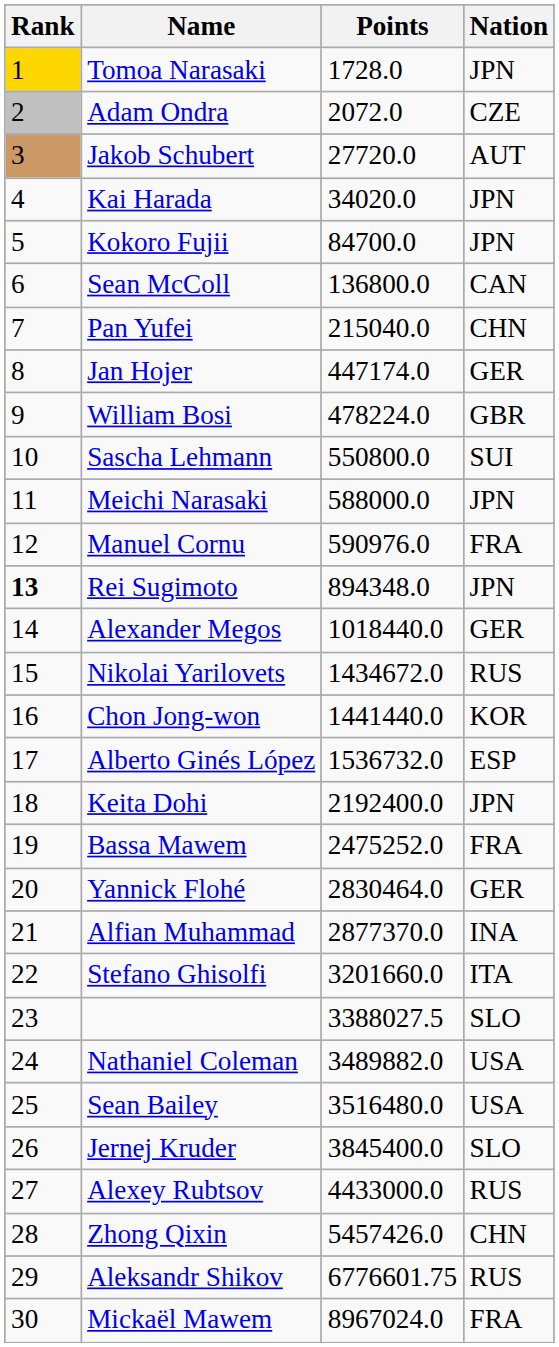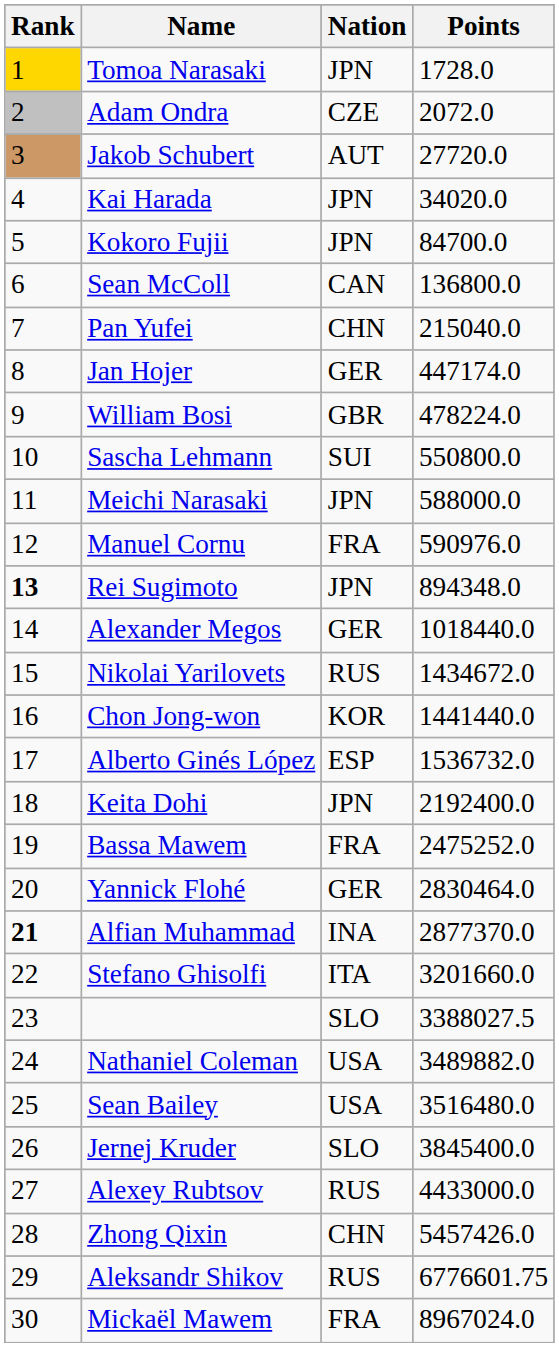 <table class="wikitable">
 <tr>
 <th>Rank</th>
 <th>Name</th>
+<th>Nation</th>
 <th>Points</th>
-<th>Nation</th>
 </tr>
 <tr>
 <td style="background: gold">1</td>
 <td> <a href='#'>Tomoa Narasaki</a></td>
+<td>JPN</td>
 <td>1728.0</td>
-<td>JPN</td>
 </tr>
 <tr>
 <td style="background: silver">2</td>
 <td> <a href='#'>Adam Ondra</a></td>
+<td>CZE</td>
 <td>2072.0</td>
-<td>CZE</td>
 </tr>
 <tr>
 <td style="background: #cc9966">3</td>
 <td> <a href='#'>Jakob Schubert</a></td>
+<td>AUT</td>
 <td>27720.0</td>
-<td>AUT</td>
 </tr>
 <tr>
 <td>4</td>
 <td> <a href='#'>Kai Harada</a></td>
+<td>JPN</td>
 <td>34020.0</td>
-<td>JPN</td>
 </tr>
 <tr>
 <td>5</td>
 <td> <a href='#'>Kokoro Fujii</a></td>
+<td>JPN</td>
 <td>84700.0</td>
-<td>JPN</td>
 </tr>
 <tr>
 <td>6</td>
 <td> <a href='#'>Sean McColl</a></td>
+<td>CAN</td>
 <td>136800.0</td>
-<td>CAN</td>
 </tr>
 <tr>
 <td>7</td>
 <td> <a href='#'>Pan Yufei</a></td>
+<td>CHN</td>
 <td>215040.0</td>
-<td>CHN</td>
 </tr>
 <tr>
 <td>8</td>
 <td> <a href='#'>Jan Hojer</a></td>
+<td>GER</td>
 <td>447174.0</td>
-<td>GER</td>
 </tr>
 <tr>
 <td>9</td>
 <td> <a href='#'>William Bosi</a></td>
+<td>GBR</td>
 <td>478224.0</td>
-<td>GBR</td>
 </tr>
 <tr>
 <td>10</td>
 <td> <a href='#'>Sascha Lehmann</a></td>
+<td>SUI</td>
 <td>550800.0</td>
-<td>SUI</td>
 </tr>
 <tr>
 <td>11</td>
 <td> <a href='#'>Meichi Narasaki</a></td>
+<td>JPN</td>
 <td>588000.0</td>
-<td>JPN</td>
 </tr>
 <tr>
 <td>12</td>
 <td> <a href='#'>Manuel Cornu</a></td>
+<td>FRA</td>
 <td>590976.0</td>
-<td>FRA</td>
 </tr>
 <tr>
 <td><strong>13</strong></td>
 <td> <a href='#'>Rei Sugimoto</a></td>
+<td>JPN</td>
 <td>894348.0</td>
-<td>JPN</td>
 </tr>
 <tr>
 <td>14</td>
 <td> <a href='#'>Alexander Megos</a></td>
+<td>GER</td>
 <td>1018440.0</td>
-<td>GER</td>
 </tr>
 <tr>
 <td>15</td>
 <td> <a href='#'>Nikolai Yarilovets</a></td>
+<td>RUS</td>
 <td>1434672.0</td>
-<td>RUS</td>
 </tr>
 <tr>
 <td>16</td>
 <td> <a href='#'>Chon Jong-won</a></td>
+<td>KOR</td>
 <td>1441440.0</td>
-<td>KOR</td>
 </tr>
 <tr>
 <td>17</td>
 <td> <a href='#'>Alberto Ginés López</a></td>
+<td>ESP</td>
 <td>1536732.0</td>
-<td>ESP</td>
 </tr>
 <tr>
 <td>18</td>
 <td> <a href='#'>Keita Dohi</a></td>
+<td>JPN</td>
 <td>2192400.0</td>
-<td>JPN</td>
 </tr>
 <tr>
 <td>19</td>
 <td> <a href='#'>Bassa Mawem</a></td>
+<td>FRA</td>
 <td>2475252.0</td>
-<td>FRA</td>
 </tr>
 <tr>
 <td>20</td>
 <td> <a href='#'>Yannick Flohé</a></td>
+<td>GER</td>
 <td>2830464.0</td>
-<td>GER</td>
 </tr>
 <tr>
-<td>21</td>
+<td><strong>21</strong></td>
 <td> <a href='#'>Alfian Muhammad</a></td>
+<td>INA</td>
 <td>2877370.0</td>
-<td>INA</td>
 </tr>
 <tr>
 <td>22</td>
 <td> <a href='#'>Stefano Ghisolfi</a></td>
+<td>ITA</td>
 <td>3201660.0</td>
-<td>ITA</td>
 </tr>
 <tr>
 <td>23</td>
 <td> </td>
+<td>SLO</td>
 <td>3388027.5</td>
-<td>SLO</td>
 </tr>
 <tr>
 <td>24</td>
 <td> <a href='#'>Nathaniel Coleman</a></td>
+<td>USA</td>
 <td>3489882.0</td>
-<td>USA</td>
 </tr>
 <tr>
 <td>25</td>
 <td> <a href='#'>Sean Bailey</a></td>
+<td>USA</td>
 <td>3516480.0</td>
-<td>USA</td>
 </tr>
 <tr>
 <td>26</td>
 <td> <a href='#'>Jernej Kruder</a></td>
+<td>SLO</td>
 <td>3845400.0</td>
-<td>SLO</td>
 </tr>
 <tr>
 <td>27</td>
 <td> <a href='#'>Alexey Rubtsov</a></td>
+<td>RUS</td>
 <td>4433000.0</td>
-<td>RUS</td>
 </tr>
 <tr>
 <td>28</td>
 <td> <a href='#'>Zhong Qixin</a></td>
+<td>CHN</td>
 <td>5457426.0</td>
-<td>CHN</td>
 </tr>
 <tr>
 <td>29</td>
 <td> <a href='#'>Aleksandr Shikov</a></td>
+<td>RUS</td>
 <td>6776601.75</td>
-<td>RUS</td>
 </tr>
 <tr>
 <td>30</td>
 <td> <a href='#'>Mickaël Mawem</a></td>
+<td>FRA</td>
 <td>8967024.0</td>
-<td>FRA</td>
 </tr>
 </table>
